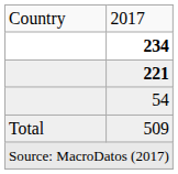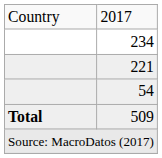 <table class="wikitable">
 <tr>
 <td>Country</td>
 <td>2017</td>
 </tr>
 <tr bgcolor="ffffff">
 <td></td>
-<td align=right><strong>234</strong></td>
+<td align=right>234</td>
 </tr>
 <tr bgcolor="efefef">
 <td></td>
-<td align=right><strong>221</strong></td>
+<td align=right>221</td>
 </tr>
 <tr bgcolor="efefef">
 <td></td>
 <td align=right>54</td>
 </tr>
 <tr bgcolor="efefef">
-<td>Total</td>
+<td><strong>Total</strong></td>
 <td align=right>509</td>
 </tr>
 <tr bgcolor="efefef">
 <td colspan=3 style="background:#e9e9e9;" align=center><small>Source: MacroDatos (2017)</small></td>
 </tr>
 <tr>
 </tr>
 </table>
